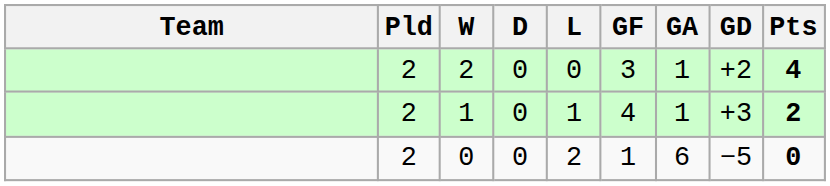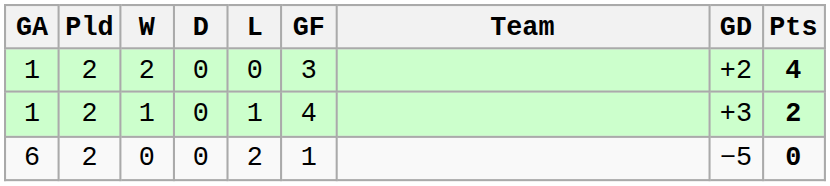 <table class="wikitable" style="text-align: center;">
 <tr>
-<th width=175>Team</th>
+<th width=20>GA</th>
 <th width=20>Pld</th>
 <th width=20>W</th>
 <th width=20>D</th>
 <th width=20>L</th>
 <th width=20>GF</th>
-<th width=20>GA</th>
+<th width=175>Team</th>
 <th width=20>GD</th>
 <th width=20>Pts</th>
 </tr>
 <tr bgcolor=ccffcc>
-<td style="text-align:left;"></td>
+<td>1</td>
 <td>2</td>
 <td>2</td>
 <td>0</td>
 <td>0</td>
 <td>3</td>
-<td>1</td>
+<td style="text-align:left;"></td>
 <td>+2</td>
 <td><strong>4</strong></td>
 </tr>
 <tr bgcolor=ccffcc>
-<td style="text-align:left;"></td>
+<td>1</td>
 <td>2</td>
 <td>1</td>
 <td>0</td>
 <td>1</td>
 <td>4</td>
-<td>1</td>
+<td style="text-align:left;"></td>
 <td>+3</td>
 <td><strong>2</strong></td>
 </tr>
 <tr>
-<td style="text-align:left;"></td>
+<td>6</td>
 <td>2</td>
 <td>0</td>
 <td>0</td>
 <td>2</td>
 <td>1</td>
-<td>6</td>
+<td style="text-align:left;"></td>
 <td>−5</td>
 <td><strong>0</strong></td>
 </tr>
 </table>
